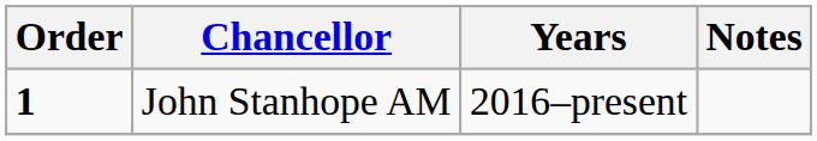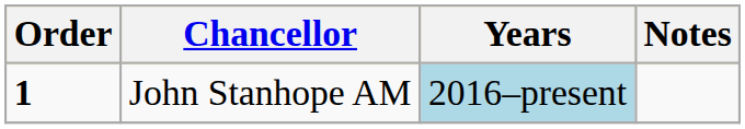 <table class="wikitable">
 <tr style="background:#fc3;">
 <th>Order</th>
 <th><a href='#'>Chancellor</a></th>
 <th>Years</th>
 <th>Notes</th>
 </tr>
 <tr>
 <td><strong>1</strong></td>
 <td>John Stanhope AM</td>
-<td>2016–present</td>
+<td style="background: lightblue;">2016–present</td>
 <td></td>
 </tr>
 <tr>
 </tr>
 </table>
